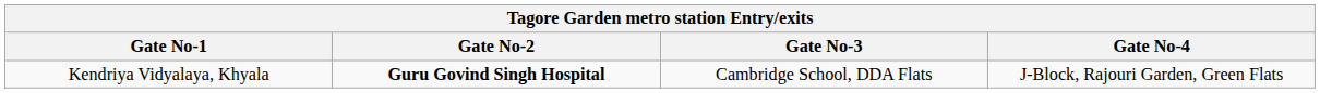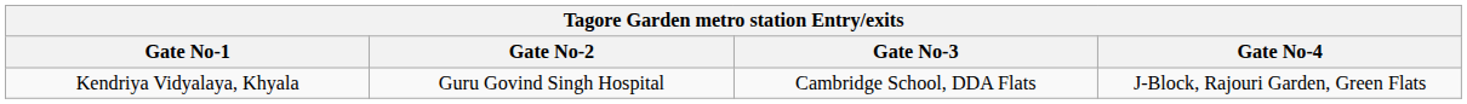 <table class="wikitable" style="text-align: center;" width="60%">
 <tr>
 <th align="center" colspan="5" style="background:#"><span>Tagore Garden metro station Entry/exits</span></th>
 </tr>
 <tr>
 <th style="width:15%;">Gate No-1</th>
 <th style="width:15%;">Gate No-2</th>
 <th style="width:15%;">Gate No-3</th>
 <th style="width:15%;">Gate No-4</th>
 </tr>
 <tr>
 <td>Kendriya Vidyalaya, Khyala</td>
-<td><strong>Guru Govind Singh Hospital</strong></td>
+<td>Guru Govind Singh Hospital</td>
 <td>Cambridge School, DDA Flats</td>
 <td>J-Block, Rajouri Garden, Green Flats</td>
 </tr>
 </table>
